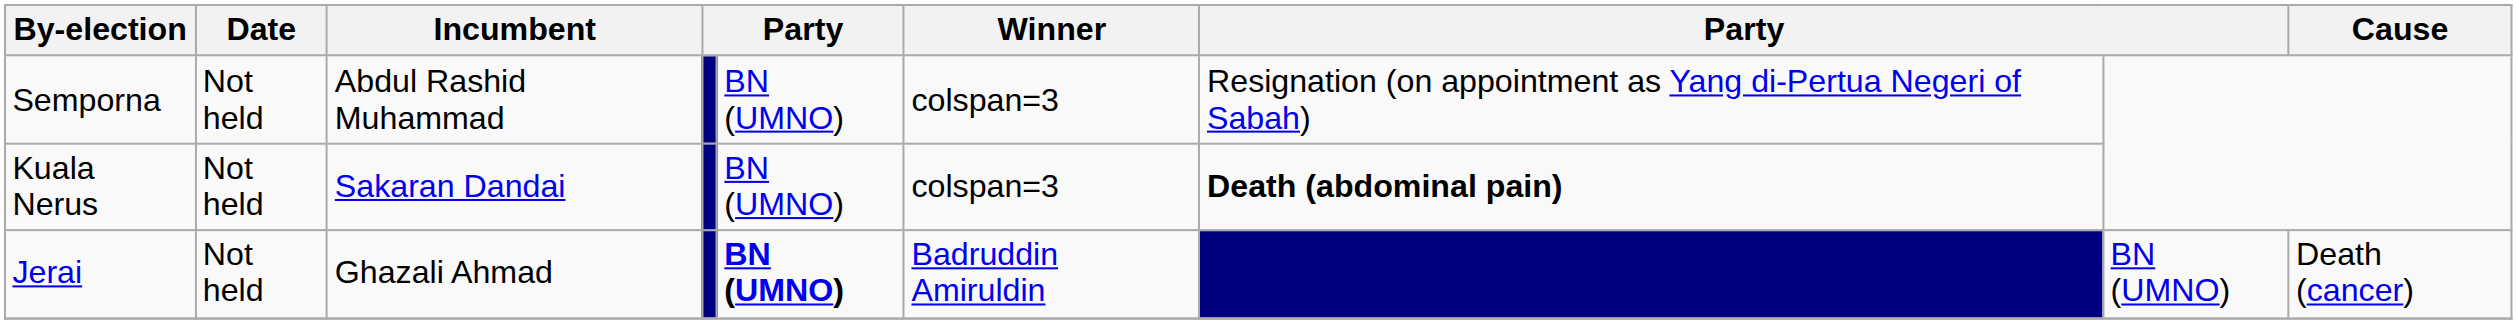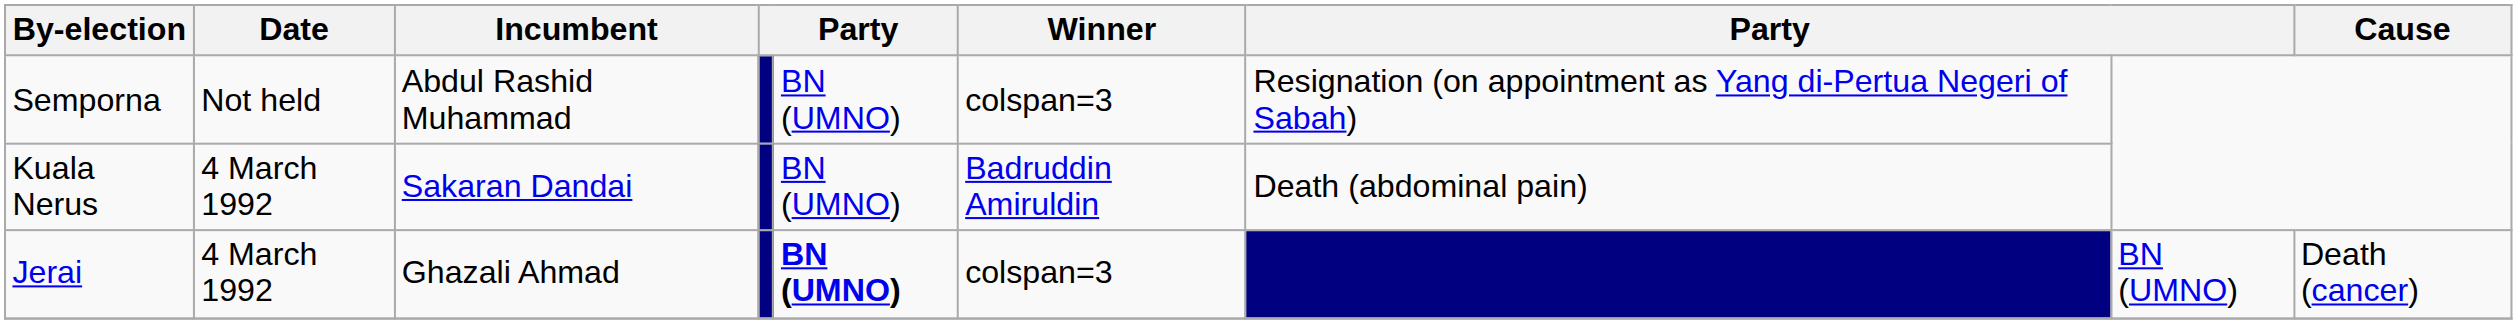 <table class="wikitable">
 <tr>
 <th>By-election</th>
 <th>Date</th>
 <th>Incumbent</th>
 <th colspan=2>Party</th>
 <th>Winner</th>
 <th colspan=2>Party</th>
 <th>Cause</th>
 </tr>
 <tr>
 <td>Semporna</td>
 <td>Not held</td>
 <td>Abdul Rashid Muhammad</td>
 <td bgcolor=#000080></td>
 <td><a href='#'>BN</a> (<a href='#'>UMNO</a>)</td>
 <td>colspan=3 </td>
 <td>Resignation (on appointment as <a href='#'>Yang di-Pertua Negeri of Sabah</a>)</td>
 </tr>
 <tr>
 <td>Kuala Nerus</td>
-<td>Not held</td>
+<td>4 March 1992</td>
 <td><a href='#'>Sakaran Dandai</a></td>
 <td bgcolor=#000080></td>
 <td><a href='#'>BN</a> (<a href='#'>UMNO</a>)</td>
-<td>colspan=3 </td>
-<td><strong>Death (abdominal pain)</strong></td>
+<td><a href='#'>Badruddin Amiruldin</a></td>
+<td>Death (abdominal pain)</td>
 </tr>
 <tr>
 <td><a href='#'>Jerai</a></td>
-<td>Not held</td>
+<td>4 March 1992</td>
 <td>Ghazali Ahmad</td>
 <td bgcolor=#000080></td>
 <td><strong><a href='#'>BN</a> (<a href='#'>UMNO</a>)</strong></td>
-<td><a href='#'>Badruddin Amiruldin</a></td>
+<td>colspan=3 </td>
 <td bgcolor=#000080></td>
 <td><a href='#'>BN</a> (<a href='#'>UMNO</a>)</td>
 <td>Death (<a href='#'>cancer</a>)</td>
 </tr>
 <tr>
 </tr>
 </table>
